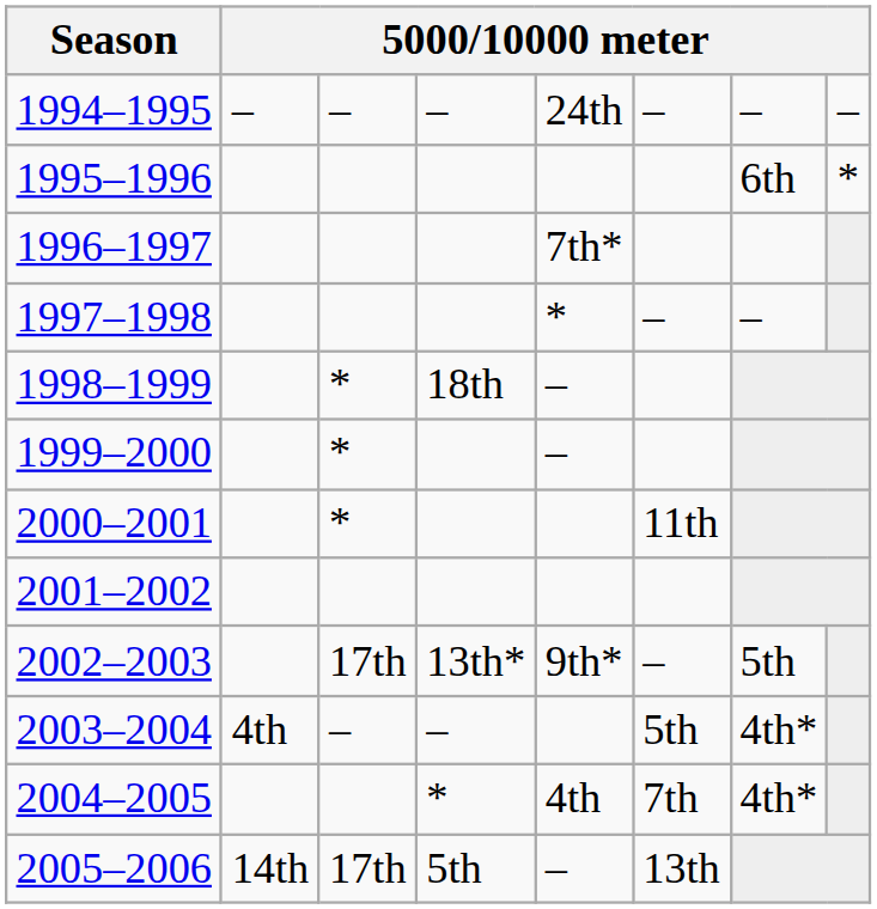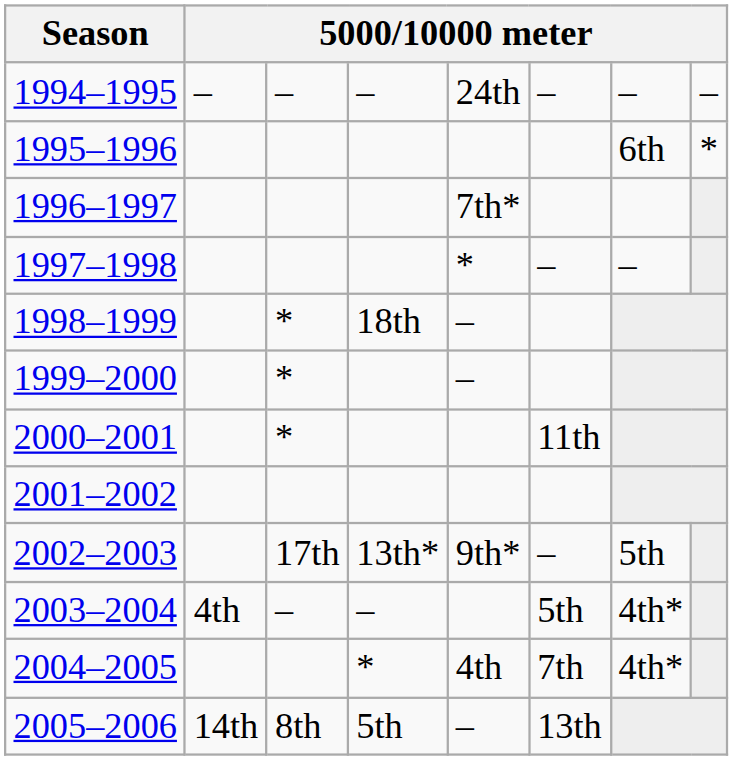 <table class="wikitable" style="display: inline-table;">
 <tr>
 <th>Season</th>
 <th colspan="7">5000/10000 meter</th>
 </tr>
 <tr>
 <td><a href='#'>1994–1995</a></td>
 <td>–</td>
 <td>–</td>
 <td>–</td>
 <td>24th</td>
 <td>–</td>
 <td>–</td>
 <td>–</td>
 </tr>
 <tr>
 <td><a href='#'>1995–1996</a></td>
 <td></td>
 <td></td>
 <td></td>
 <td></td>
 <td></td>
 <td>6th</td>
 <td>*</td>
 </tr>
 <tr>
 <td><a href='#'>1996–1997</a></td>
 <td></td>
 <td></td>
 <td></td>
 <td>7th*</td>
 <td></td>
 <td></td>
 <td colspan="1" bgcolor=#EEEEEE></td>
 </tr>
 <tr>
 <td><a href='#'>1997–1998</a></td>
 <td></td>
 <td></td>
 <td></td>
 <td>*</td>
 <td>–</td>
 <td>–</td>
 <td colspan="1" bgcolor=#EEEEEE></td>
 </tr>
 <tr>
 <td><a href='#'>1998–1999</a></td>
 <td></td>
 <td>*</td>
 <td>18th</td>
 <td>–</td>
 <td></td>
 <td colspan="2" bgcolor=#EEEEEE></td>
 </tr>
 <tr>
 <td><a href='#'>1999–2000</a></td>
 <td></td>
 <td>*</td>
 <td></td>
 <td>–</td>
 <td></td>
 <td colspan="2" bgcolor=#EEEEEE></td>
 </tr>
 <tr>
 <td><a href='#'>2000–2001</a></td>
 <td></td>
 <td>*</td>
 <td></td>
 <td></td>
 <td>11th</td>
 <td colspan="2" bgcolor=#EEEEEE></td>
 </tr>
 <tr>
 <td><a href='#'>2001–2002</a></td>
 <td></td>
 <td></td>
 <td></td>
 <td></td>
 <td></td>
 <td colspan="2" bgcolor=#EEEEEE></td>
 </tr>
 <tr>
 <td><a href='#'>2002–2003</a></td>
 <td></td>
 <td>17th</td>
 <td>13th*</td>
 <td>9th*</td>
 <td>–</td>
 <td>5th</td>
 <td colspan="1" bgcolor=#EEEEEE></td>
 </tr>
 <tr>
 <td><a href='#'>2003–2004</a></td>
 <td>4th</td>
 <td>–</td>
 <td>–</td>
 <td></td>
 <td>5th</td>
 <td>4th*</td>
 <td colspan="1" bgcolor=#EEEEEE></td>
 </tr>
 <tr>
 <td><a href='#'>2004–2005</a></td>
 <td></td>
 <td></td>
 <td>*</td>
 <td>4th</td>
 <td>7th</td>
 <td>4th*</td>
 <td colspan="1" bgcolor=#EEEEEE></td>
 </tr>
 <tr>
 <td><a href='#'>2005–2006</a></td>
 <td>14th</td>
-<td>17th</td>
+<td>8th</td>
 <td>5th</td>
 <td>–</td>
 <td>13th</td>
 <td colspan="2" bgcolor=#EEEEEE></td>
 </tr>
 </table>
